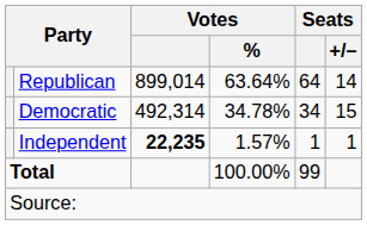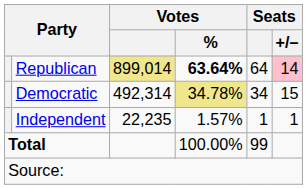 <table class="wikitable">
 <tr>
 <th colspan="2" rowspan="2">Party</th>
 <th colspan="2">Votes</th>
 <th colspan="3">Seats</th>
 </tr>
 <tr>
 <th></th>
 <th>%</th>
 <th></th>
 <th>+/–</th>
 </tr>
 <tr>
 <th style="background-color:"></th>
 <td><a href='#'>Republican</a></td>
-<td align="right">899,014</td>
-<td align="right">63.64%</td>
+<td align="right" style="background: khaki;">899,014</td>
+<td align="right"><strong>63.64%</strong></td>
 <td align="right">64</td>
-<td align="right"> 14</td>
+<td align="right" style="background: pink;"> 14</td>
 </tr>
 <tr>
 <th style="background-color:"></th>
 <td><a href='#'>Democratic</a></td>
 <td align="right">492,314</td>
-<td align="right">34.78%</td>
+<td align="right" style="background: khaki;">34.78%</td>
 <td align="right">34</td>
 <td align="right"> 15</td>
 </tr>
 <tr>
 <th style="background-color:"></th>
 <td><a href='#'>Independent</a></td>
-<td align="right"><strong>22,235</strong></td>
+<td align="right">22,235</td>
 <td align="right">1.57%</td>
 <td align="right">1</td>
 <td align="right"> 1</td>
 </tr>
 <tr>
 <td colspan="2" align="left"><strong>Total</strong></td>
 <td align="right"></td>
 <td align="right">100.00%</td>
 <td align="right">99</td>
 <td align="right"></td>
 </tr>
 <tr>
 <td colspan="8">Source: </td>
 </tr>
 </table>
